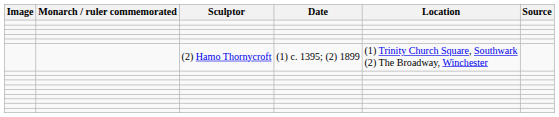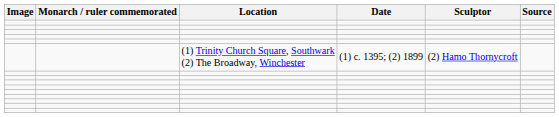 <table class="wikitable sortable">
 <tr>
 <th>Image</th>
 <th>Monarch / ruler commemorated</th>
+<th>Location</th>
+<th>Date</th>
 <th>Sculptor</th>
-<th>Date</th>
-<th>Location</th>
 <th>Source</th>
 </tr>
 <tr>
 <td></td>
 <td></td>
 <td></td>
 <td></td>
 <td></td>
 <td></td>
 </tr>
 <tr>
 <td></td>
 <td></td>
 <td></td>
 <td></td>
 <td></td>
 <td></td>
 </tr>
 <tr>
 <td></td>
 <td></td>
 <td></td>
 <td></td>
 <td></td>
 <td></td>
 </tr>
 <tr>
 <td></td>
 <td></td>
 <td></td>
 <td></td>
 <td></td>
 <td></td>
 </tr>
 <tr>
 <td></td>
 <td></td>
 <td></td>
 <td></td>
 <td></td>
 <td></td>
 </tr>
 <tr>
 <td></td>
 <td></td>
+<td>(1) <a href='#'>Trinity Church Square</a>, <a href='#'>Southwark</a><br>(2) The Broadway,  <a href='#'>Winchester</a></td>
+<td>(1) c. 1395; (2) 1899</td>
 <td>(2) <a href='#'>Hamo Thornycroft</a></td>
-<td>(1) c. 1395; (2) 1899</td>
-<td>(1) <a href='#'>Trinity Church Square</a>, <a href='#'>Southwark</a><br>(2) The Broadway,  <a href='#'>Winchester</a></td>
 <td></td>
 </tr>
 <tr>
 <td></td>
 <td></td>
 <td></td>
 <td></td>
 <td></td>
 <td></td>
 </tr>
 <tr>
 <td></td>
 <td></td>
 <td></td>
 <td></td>
 <td></td>
 <td></td>
 </tr>
 <tr>
 <td></td>
 <td></td>
 <td></td>
 <td></td>
 <td></td>
 <td></td>
 </tr>
 <tr>
 <td></td>
 <td></td>
 <td></td>
 <td></td>
 <td></td>
 <td></td>
 </tr>
 <tr>
 <td></td>
 <td></td>
 <td></td>
 <td></td>
 <td></td>
 <td></td>
 </tr>
 <tr>
 <td></td>
 <td></td>
 <td></td>
 <td></td>
 <td></td>
 <td></td>
 </tr>
 <tr>
 <td></td>
 <td></td>
 <td></td>
 <td></td>
 <td></td>
 <td></td>
 </tr>
 <tr>
 <td></td>
 <td></td>
 <td></td>
 <td></td>
 <td></td>
 <td></td>
 </tr>
 <tr>
 <td></td>
 <td></td>
 <td></td>
 <td></td>
 <td></td>
 <td></td>
 </tr>
 </table>
